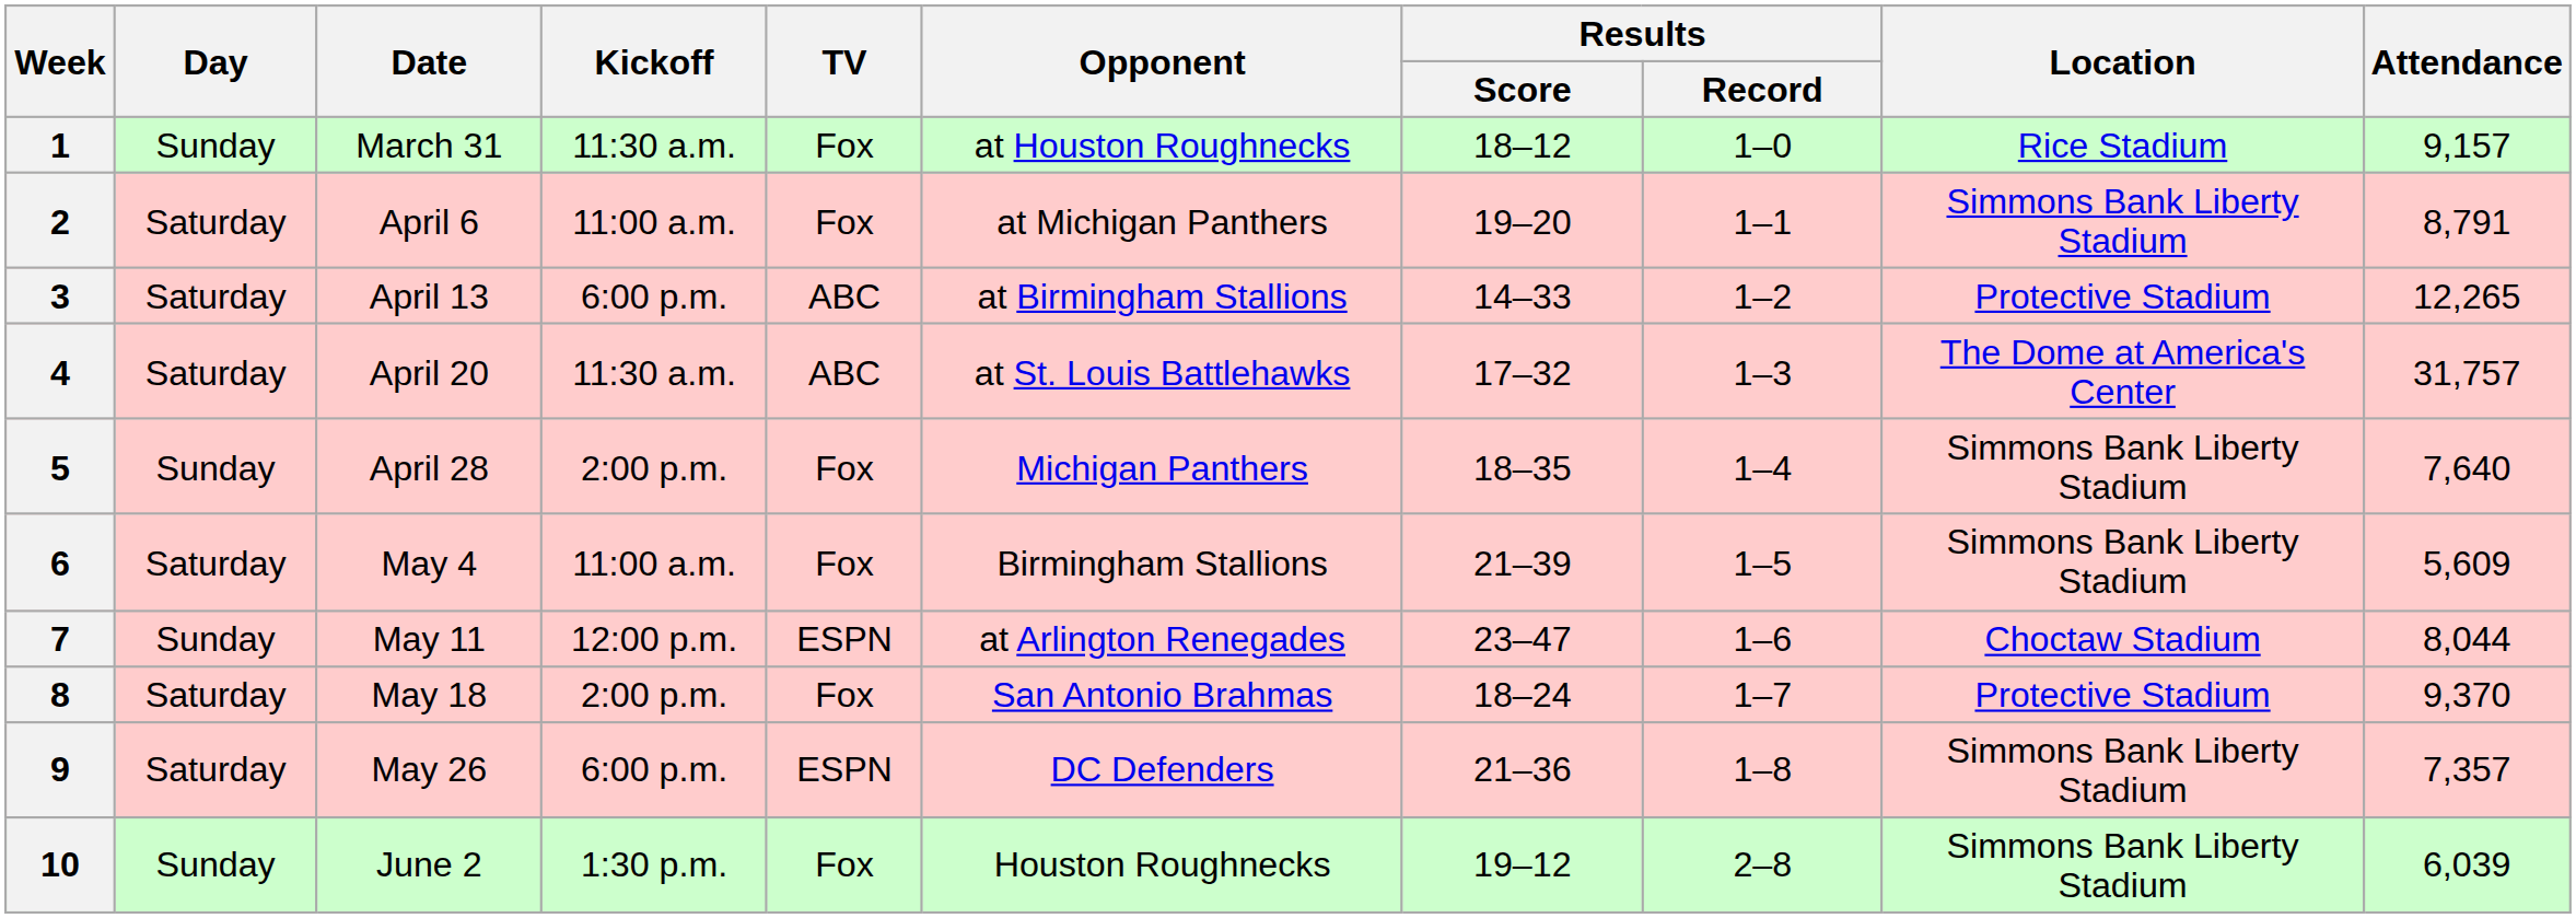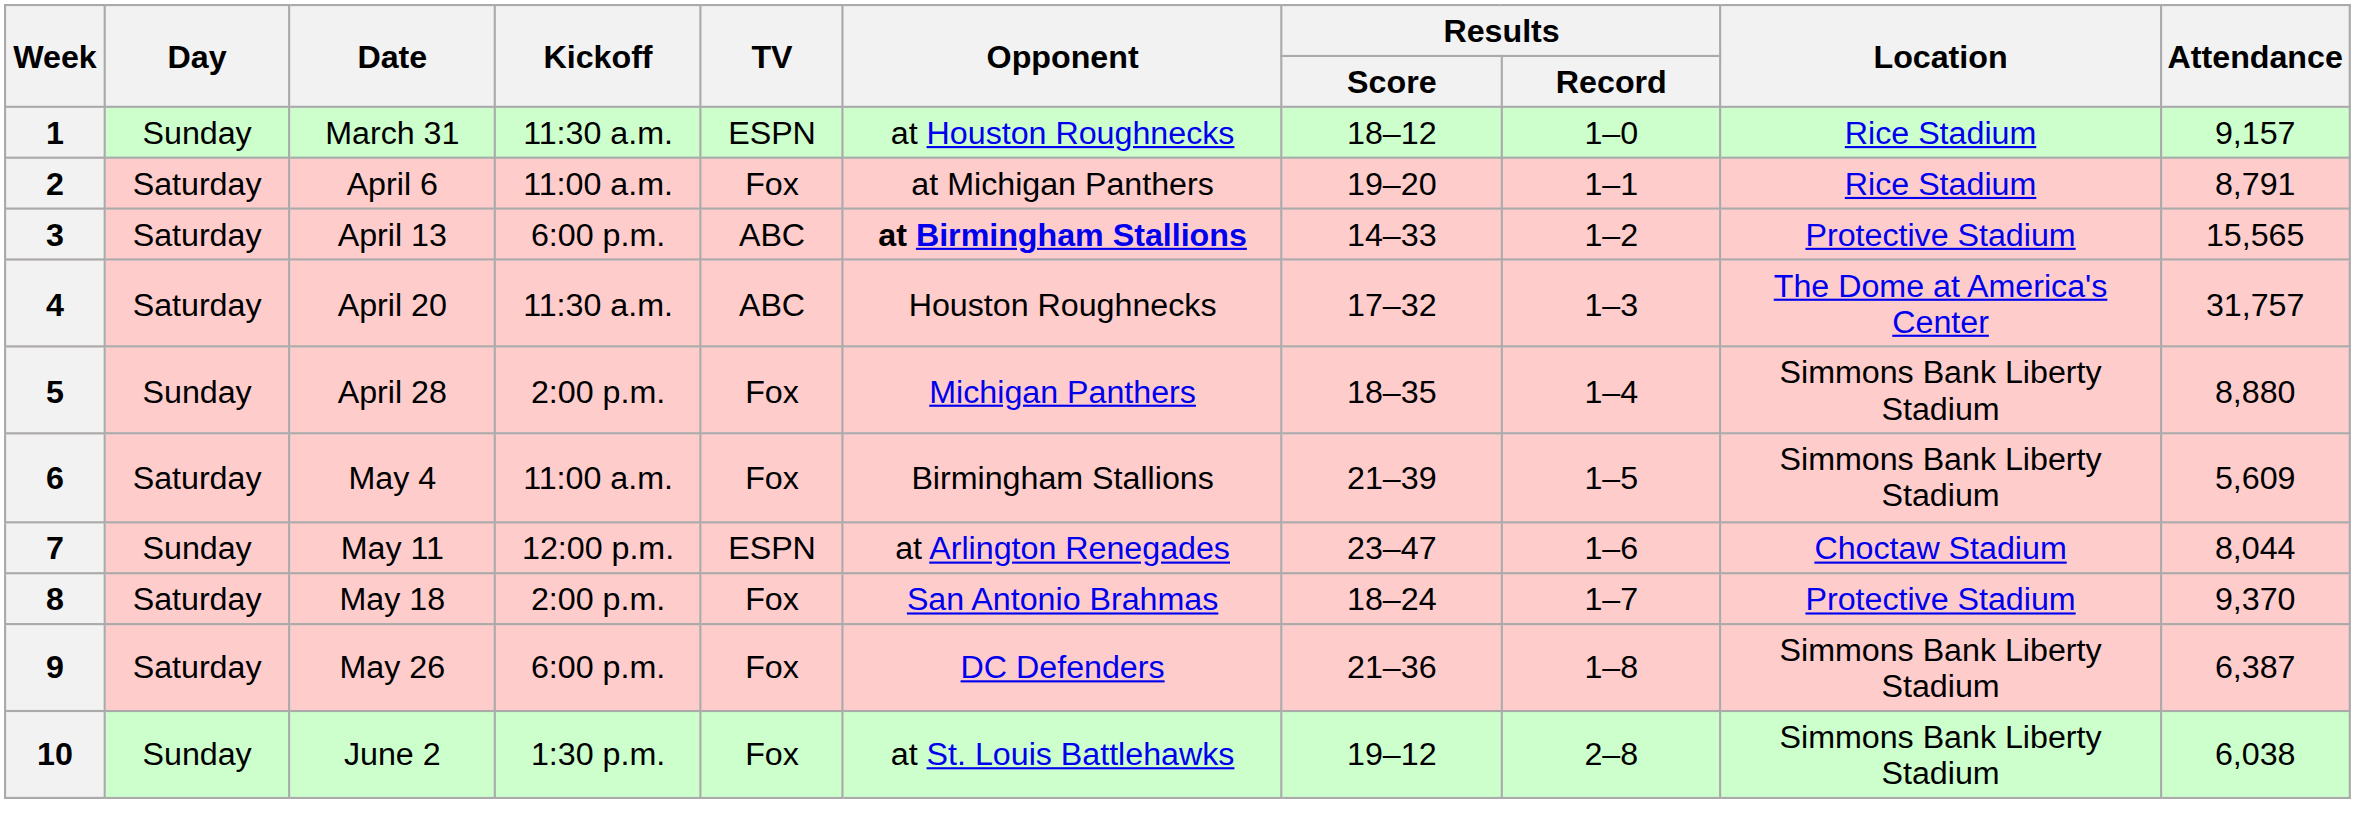 <table class="wikitable" style="text-align:center; font-size: 95%;">
 <tr>
 <th rowspan="2" width="40">Week</th>
 <th rowspan="2" width="80">Day</th>
 <th rowspan="2" width="90">Date</th>
 <th rowspan="2" width="90">Kickoff</th>
 <th rowspan="2" width="60">TV</th>
 <th rowspan="2" width="200">Opponent</th>
 <th colspan="2" width="200">Results</th>
 <th rowspan="2" width="200">Location</th>
 <th rowspan="2">Attendance</th>
 </tr>
 <tr>
 <th width="60">Score</th>
 <th width="60">Record</th>
 </tr>
 <tr style="background:#ccffcc">
 <th>1</th>
 <td>Sunday</td>
 <td>March 31</td>
 <td>11:30 a.m.</td>
-<td>Fox</td>
+<td>ESPN</td>
 <td>at <a href='#'>Houston Roughnecks</a></td>
 <td>18–12</td>
 <td>1–0</td>
 <td><a href='#'>Rice Stadium</a></td>
 <td>9,157</td>
 </tr>
 <tr style="background:#ffcccc">
 <th>2</th>
 <td>Saturday</td>
 <td>April 6</td>
 <td>11:00 a.m.</td>
 <td>Fox</td>
 <td>at Michigan Panthers</td>
 <td>19–20</td>
 <td>1–1</td>
-<td><a href='#'>Simmons Bank Liberty Stadium</a></td>
+<td><a href='#'>Rice Stadium</a></td>
 <td>8,791</td>
 </tr>
 <tr style="background:#ffcccc">
 <th>3</th>
 <td>Saturday</td>
 <td>April 13</td>
 <td>6:00 p.m.</td>
 <td>ABC</td>
-<td>at <a href='#'>Birmingham Stallions</a></td>
+<td><strong>at <a href='#'>Birmingham Stallions</a></strong></td>
 <td>14–33</td>
 <td>1–2</td>
 <td><a href='#'>Protective Stadium</a></td>
-<td>12,265</td>
+<td>15,565</td>
 </tr>
 <tr style="background:#ffcccc">
 <th>4</th>
 <td>Saturday</td>
 <td>April 20</td>
 <td>11:30 a.m.</td>
 <td>ABC</td>
-<td>at <a href='#'>St. Louis Battlehawks</a></td>
+<td>Houston Roughnecks</td>
 <td>17–32</td>
 <td>1–3</td>
 <td><a href='#'>The Dome at America's Center</a></td>
 <td>31,757</td>
 </tr>
 <tr style="background:#ffcccc">
 <th>5</th>
 <td>Sunday</td>
 <td>April 28</td>
 <td>2:00 p.m.</td>
 <td>Fox</td>
 <td><a href='#'>Michigan Panthers</a></td>
 <td>18–35</td>
 <td>1–4</td>
 <td>Simmons Bank Liberty Stadium</td>
-<td>7,640</td>
+<td>8,880</td>
 </tr>
 <tr style="background:#ffcccc">
 <th>6</th>
 <td>Saturday</td>
 <td>May 4</td>
 <td>11:00 a.m.</td>
 <td>Fox</td>
 <td>Birmingham Stallions</td>
 <td>21–39</td>
 <td>1–5</td>
 <td>Simmons Bank Liberty Stadium</td>
 <td>5,609</td>
 </tr>
 <tr style="background:#ffcccc">
 <th>7</th>
 <td>Sunday</td>
 <td>May 11</td>
 <td>12:00 p.m.</td>
 <td>ESPN</td>
 <td>at <a href='#'>Arlington Renegades</a></td>
 <td>23–47</td>
 <td>1–6</td>
 <td><a href='#'>Choctaw Stadium</a></td>
 <td>8,044</td>
 </tr>
 <tr style="background:#ffcccc">
 <th>8</th>
 <td>Saturday</td>
 <td>May 18</td>
 <td>2:00 p.m.</td>
 <td>Fox</td>
 <td><a href='#'>San Antonio Brahmas</a></td>
 <td>18–24</td>
 <td>1–7</td>
 <td><a href='#'>Protective Stadium</a></td>
 <td>9,370</td>
 </tr>
 <tr style="background:#ffcccc">
 <th>9</th>
 <td>Saturday</td>
 <td>May 26</td>
 <td>6:00 p.m.</td>
-<td>ESPN</td>
+<td>Fox</td>
 <td><a href='#'>DC Defenders</a></td>
 <td>21–36</td>
 <td>1–8</td>
 <td>Simmons Bank Liberty Stadium</td>
-<td>7,357</td>
+<td>6,387</td>
 </tr>
 <tr style="background:#ccffcc">
 <th>10</th>
 <td>Sunday</td>
 <td>June 2</td>
 <td>1:30 p.m.</td>
 <td>Fox</td>
-<td>Houston Roughnecks</td>
+<td>at <a href='#'>St. Louis Battlehawks</a></td>
 <td>19–12</td>
 <td>2–8</td>
 <td>Simmons Bank Liberty Stadium</td>
-<td>6,039</td>
+<td>6,038</td>
 </tr>
 </table>
